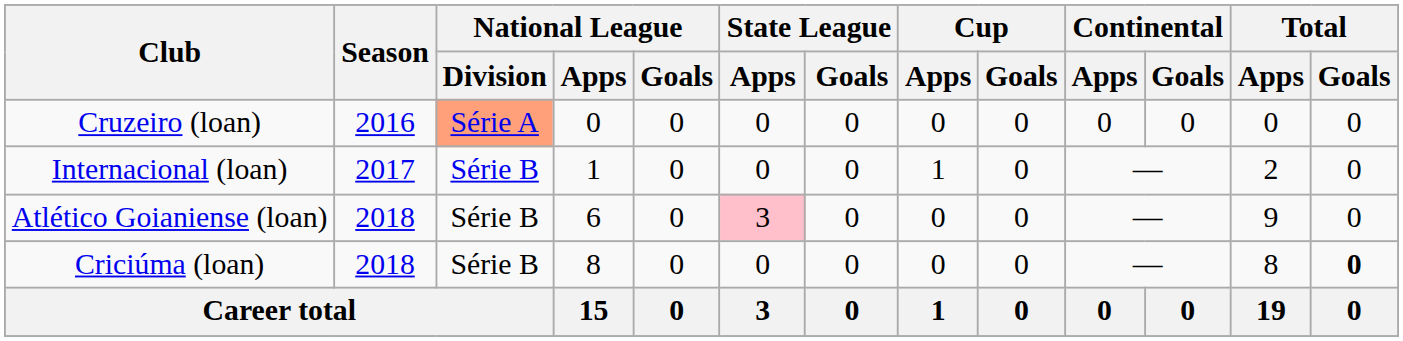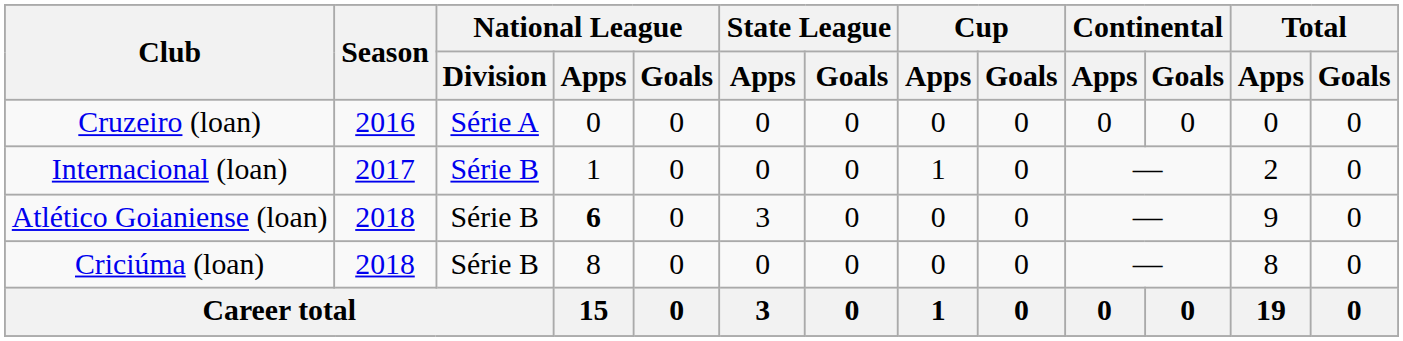 <table class="wikitable" style="text-align: center;">
 <tr>
 <th rowspan="2">Club</th>
 <th rowspan="2">Season</th>
 <th colspan="3">National League</th>
 <th colspan="2">State League</th>
 <th colspan="2">Cup</th>
 <th colspan="2">Continental</th>
 <th colspan="2">Total</th>
 </tr>
 <tr>
 <th>Division</th>
 <th>Apps</th>
 <th>Goals</th>
 <th>Apps</th>
 <th>Goals</th>
 <th>Apps</th>
 <th>Goals</th>
 <th>Apps</th>
 <th>Goals</th>
 <th>Apps</th>
 <th>Goals</th>
 </tr>
 <tr>
 <td rowspan="1"><a href='#'>Cruzeiro</a> (loan)</td>
 <td><a href='#'>2016</a></td>
-<td style="background: lightsalmon;"><a href='#'>Série A</a></td>
+<td><a href='#'>Série A</a></td>
 <td>0</td>
 <td>0</td>
 <td>0</td>
 <td>0</td>
 <td>0</td>
 <td>0</td>
 <td>0</td>
 <td>0</td>
 <td>0</td>
 <td>0</td>
 </tr>
 <tr>
 <td><a href='#'>Internacional</a> (loan)</td>
 <td><a href='#'>2017</a></td>
 <td><a href='#'>Série B</a></td>
 <td>1</td>
 <td>0</td>
 <td>0</td>
 <td>0</td>
 <td>1</td>
 <td>0</td>
 <td colspan="2">—</td>
 <td>2</td>
 <td>0</td>
 </tr>
 <tr>
 <td><a href='#'>Atlético Goianiense</a> (loan)</td>
 <td><a href='#'>2018</a></td>
 <td>Série B</td>
-<td>6</td>
+<td><strong>6</strong></td>
 <td>0</td>
-<td style="background: pink;">3</td>
+<td>3</td>
 <td>0</td>
 <td>0</td>
 <td>0</td>
 <td colspan="2">—</td>
 <td>9</td>
 <td>0</td>
 </tr>
 <tr>
 <td rowspan="1"><a href='#'>Criciúma</a> (loan)</td>
 <td><a href='#'>2018</a></td>
 <td>Série B</td>
 <td>8</td>
 <td>0</td>
 <td>0</td>
 <td>0</td>
 <td>0</td>
 <td>0</td>
 <td colspan="2">—</td>
 <td>8</td>
-<td><strong>0</strong></td>
+<td>0</td>
 </tr>
 <tr>
 <th colspan="3">Career total</th>
 <th>15</th>
 <th>0</th>
 <th>3</th>
 <th>0</th>
 <th>1</th>
 <th>0</th>
 <th>0</th>
 <th>0</th>
 <th>19</th>
 <th>0</th>
 </tr>
 </table>
